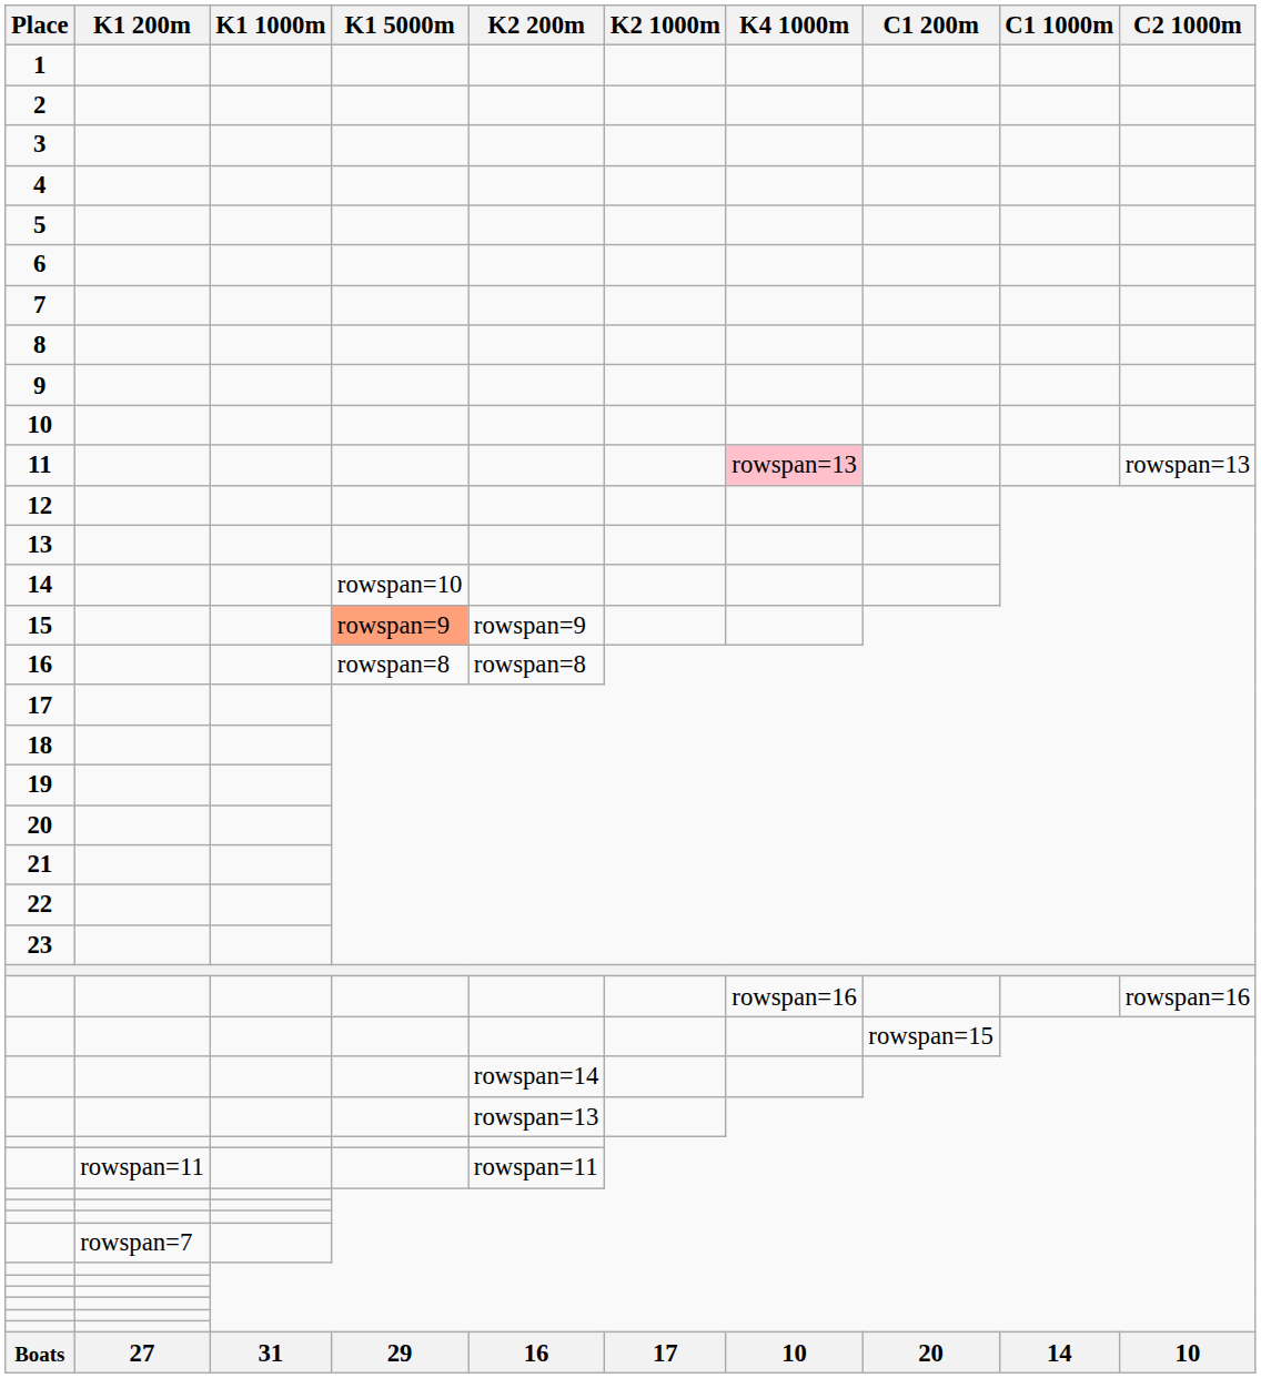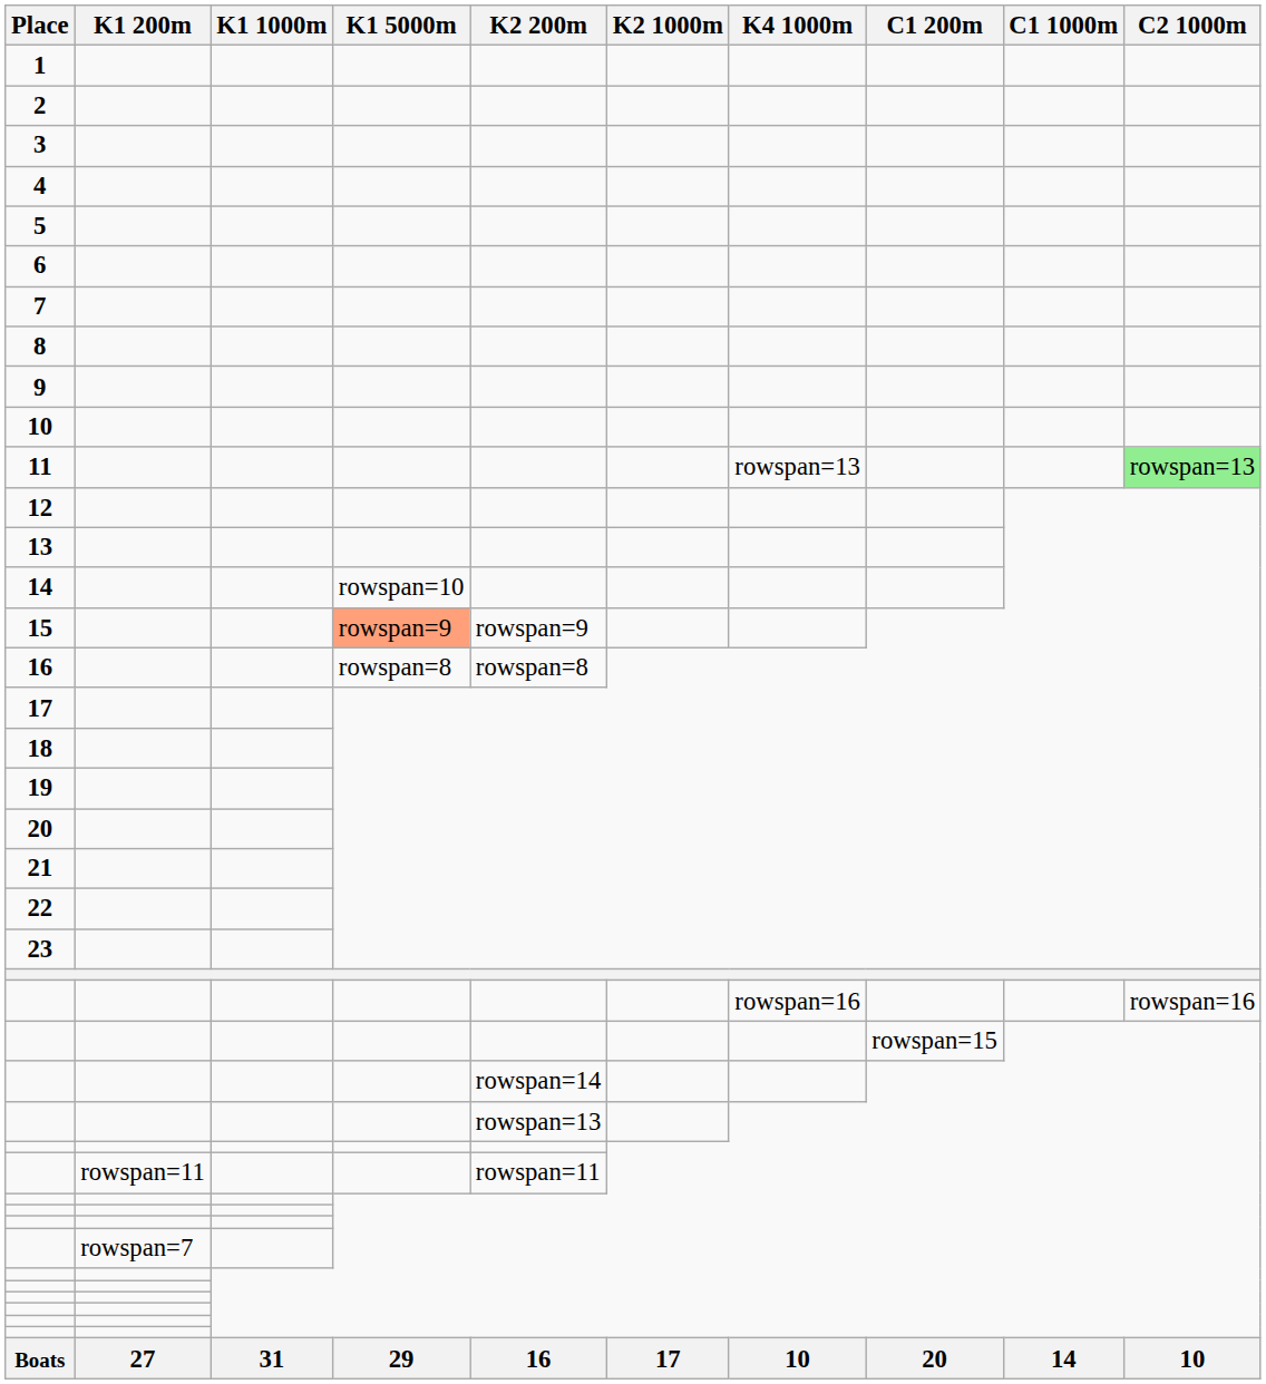 <table class="wikitable">
 <tr>
 <th>Place</th>
 <th>K1 200m</th>
 <th>K1 1000m</th>
 <th>K1 5000m</th>
 <th>K2 200m</th>
 <th>K2 1000m</th>
 <th>K4 1000m</th>
 <th>C1 200m</th>
 <th>C1 1000m</th>
 <th>C2 1000m</th>
 </tr>
 <tr>
 <td align=center><strong>1</strong></td>
 <td></td>
 <td></td>
 <td></td>
 <td></td>
 <td></td>
 <td></td>
 <td></td>
 <td></td>
 <td></td>
 </tr>
 <tr>
 <td align=center><strong>2</strong></td>
 <td></td>
 <td></td>
 <td></td>
 <td></td>
 <td></td>
 <td></td>
 <td></td>
 <td></td>
 <td></td>
 </tr>
 <tr>
 <td align=center><strong>3</strong></td>
 <td></td>
 <td></td>
 <td></td>
 <td></td>
 <td></td>
 <td></td>
 <td></td>
 <td><s></s></td>
 <td></td>
 </tr>
 <tr>
 <td align=center><strong>4</strong></td>
 <td></td>
 <td></td>
 <td></td>
 <td></td>
 <td></td>
 <td></td>
 <td></td>
 <td></td>
 <td></td>
 </tr>
 <tr>
 <td align=center><strong>5</strong></td>
 <td></td>
 <td></td>
 <td></td>
 <td></td>
 <td></td>
 <td></td>
 <td></td>
 <td></td>
 <td></td>
 </tr>
 <tr>
 <td align=center><strong>6</strong></td>
 <td></td>
 <td></td>
 <td></td>
 <td></td>
 <td></td>
 <td></td>
 <td></td>
 <td></td>
 <td></td>
 </tr>
 <tr>
 <td align=center><strong>7</strong></td>
 <td></td>
 <td></td>
 <td></td>
 <td></td>
 <td></td>
 <td></td>
 <td></td>
 <td></td>
 <td></td>
 </tr>
 <tr>
 <td align=center><strong>8</strong></td>
 <td></td>
 <td></td>
 <td></td>
 <td></td>
 <td></td>
 <td></td>
 <td></td>
 <td></td>
 <td></td>
 </tr>
 <tr>
 <td align=center><strong>9</strong></td>
 <td></td>
 <td></td>
 <td></td>
 <td></td>
 <td></td>
 <td></td>
 <td></td>
 <td></td>
 <td></td>
 </tr>
 <tr>
 <td align=center><strong>10</strong></td>
 <td></td>
 <td></td>
 <td></td>
 <td></td>
 <td></td>
 <td></td>
 <td></td>
 <td></td>
 <td></td>
 </tr>
 <tr>
 <td align=center><strong>11</strong></td>
 <td></td>
 <td></td>
 <td></td>
 <td></td>
 <td></td>
-<td style="background: pink;">rowspan=13 </td>
+<td>rowspan=13 </td>
 <td></td>
 <td></td>
-<td>rowspan=13 </td>
+<td style="background: lightgreen;">rowspan=13 </td>
 </tr>
 <tr>
 <td align=center><strong>12</strong></td>
 <td></td>
 <td></td>
 <td></td>
 <td></td>
 <td></td>
 <td></td>
 <td></td>
 </tr>
 <tr>
 <td align=center><strong>13</strong></td>
 <td></td>
 <td></td>
 <td></td>
 <td></td>
 <td></td>
 <td></td>
 <td></td>
 </tr>
 <tr>
 <td align=center><strong>14</strong></td>
 <td></td>
 <td></td>
 <td>rowspan=10 </td>
 <td></td>
 <td></td>
 <td></td>
 <td><s></s></td>
 </tr>
 <tr>
 <td align=center><strong>15</strong></td>
 <td></td>
 <td></td>
 <td style="background: lightsalmon;">rowspan=9 </td>
 <td>rowspan=9 </td>
 <td></td>
 <td></td>
 </tr>
 <tr>
 <td align=center><strong>16</strong></td>
 <td></td>
 <td></td>
 <td>rowspan=8 </td>
 <td>rowspan=8 </td>
 </tr>
 <tr>
 <td align=center><strong>17</strong></td>
 <td></td>
 <td></td>
 </tr>
 <tr>
 <td align=center><strong>18</strong></td>
 <td></td>
 <td></td>
 </tr>
 <tr>
 <td align=center><strong>19</strong></td>
 <td></td>
 <td></td>
 </tr>
 <tr>
 <td align=center><strong>20</strong></td>
 <td></td>
 <td><s></s></td>
 </tr>
 <tr>
 <td align=center><strong>21</strong></td>
 <td></td>
 <td></td>
 </tr>
 <tr>
 <td align=center><strong>22</strong></td>
 <td><s></s></td>
 <td></td>
 </tr>
 <tr>
 <td align=center><strong>23</strong></td>
 <td></td>
 <td></td>
 </tr>
 <tr>
 <th colspan=10></th>
 </tr>
 <tr>
 <td align=center><small><strong></strong></small></td>
 <td></td>
 <td></td>
 <td></td>
 <td></td>
 <td></td>
 <td>rowspan=16 </td>
 <td></td>
 <td></td>
 <td>rowspan=16 </td>
 </tr>
 <tr>
 <td align=center><small><strong></strong></small></td>
 <td></td>
 <td></td>
 <td></td>
 <td></td>
 <td></td>
 <td></td>
 <td>rowspan=15 </td>
 </tr>
 <tr>
 <td align=center><small><strong></strong></small></td>
 <td></td>
 <td></td>
 <td></td>
 <td>rowspan=14 </td>
 <td></td>
 <td></td>
 </tr>
 <tr>
 <td align=center><small><strong></strong></small></td>
 <td></td>
 <td></td>
 <td></td>
 <td>rowspan=13 </td>
 <td></td>
 </tr>
 <tr>
 <td align=center><small><strong></strong></small></td>
 <td></td>
 <td></td>
 <td></td>
 <td></td>
 </tr>
 <tr>
 <td align=center><small><strong></strong></small></td>
 <td>rowspan=11 </td>
 <td></td>
 <td></td>
 <td>rowspan=11 </td>
 </tr>
 <tr>
 <td align=center><small><strong></strong></small></td>
 <td></td>
 <td></td>
 </tr>
 <tr>
 <td align=center><small><strong></strong></small></td>
 <td></td>
 <td></td>
 </tr>
 <tr>
 <td align=center><small><strong></strong></small></td>
 <td></td>
 <td></td>
 </tr>
 <tr>
 <td align=center><small><strong></strong></small></td>
 <td>rowspan=7 </td>
 <td></td>
 </tr>
 <tr>
 <td align=center><small><strong></strong></small></td>
 <td></td>
 </tr>
 <tr>
 <td align=center><small><strong></strong></small></td>
 <td></td>
 </tr>
 <tr>
 <td align=center><small><strong></strong></small></td>
 <td></td>
 </tr>
 <tr>
 <td align=center><small><strong></strong></small></td>
 <td></td>
 </tr>
 <tr>
 <td align=center><small><strong></strong></small></td>
 <td></td>
 </tr>
 <tr>
 <td align=center><small><strong></strong></small></td>
 <td></td>
 </tr>
 <tr>
 <th><small>Boats</small></th>
 <th>27</th>
 <th>31</th>
 <th>29</th>
 <th>16</th>
 <th>17</th>
 <th>10</th>
 <th>20</th>
 <th>14</th>
 <th>10</th>
 </tr>
 </table>
